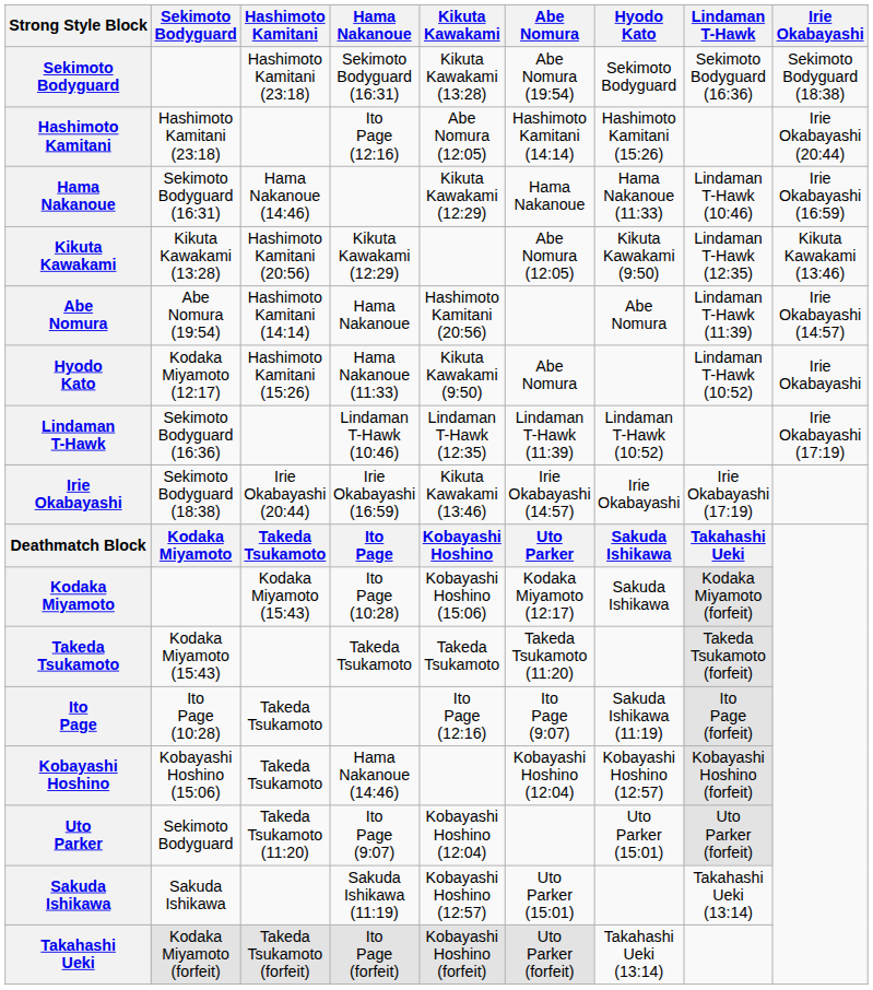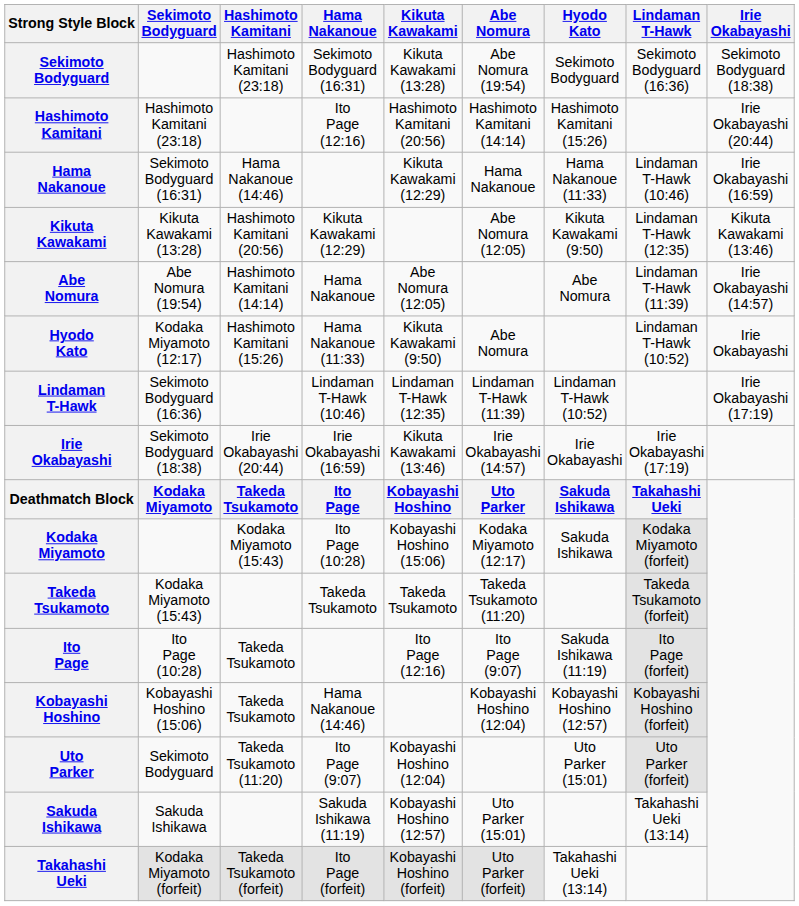 <table class="wikitable" style="margin: 1em auto 1em auto;text-align:center">
 <tr>
 <th>Strong Style Block</th>
 <th><a href='#'>Sekimoto</a><br><a href='#'>Bodyguard</a></th>
 <th><a href='#'>Hashimoto</a><br><a href='#'>Kamitani</a></th>
 <th><a href='#'>Hama</a><br><a href='#'>Nakanoue</a></th>
 <th><a href='#'>Kikuta</a> <br><a href='#'>Kawakami</a></th>
 <th><a href='#'>Abe</a><br><a href='#'>Nomura</a></th>
 <th><a href='#'>Hyodo</a><br><a href='#'>Kato</a></th>
 <th><a href='#'>Lindaman</a><br><a href='#'>T-Hawk</a></th>
 <th><a href='#'>Irie</a><br><a href='#'>Okabayashi</a></th>
 </tr>
 <tr>
 <th><a href='#'>Sekimoto</a><br><a href='#'>Bodyguard</a></th>
 <td></td>
 <td>Hashimoto<br>Kamitani<br>(23:18)</td>
 <td>Sekimoto<br>Bodyguard<br>(16:31)</td>
 <td>Kikuta<br>Kawakami<br>(13:28)</td>
 <td>Abe<br>Nomura<br>(19:54)</td>
 <td>Sekimoto<br>Bodyguard</td>
 <td>Sekimoto<br>Bodyguard<br>(16:36)</td>
 <td>Sekimoto<br>Bodyguard<br>(18:38)</td>
 </tr>
 <tr>
 <th><a href='#'>Hashimoto</a><br><a href='#'>Kamitani</a></th>
 <td>Hashimoto<br>Kamitani<br>(23:18)</td>
 <td></td>
 <td>Ito<br>Page<br>(12:16)</td>
-<td>Abe<br>Nomura<br>(12:05)</td>
+<td>Hashimoto<br>Kamitani<br>(20:56)</td>
 <td>Hashimoto<br>Kamitani<br>(14:14)</td>
 <td>Hashimoto<br>Kamitani<br>(15:26)</td>
 <td></td>
 <td>Irie<br>Okabayashi<br>(20:44)</td>
 </tr>
 <tr>
 <th><a href='#'>Hama</a><br><a href='#'>Nakanoue</a></th>
 <td>Sekimoto<br>Bodyguard<br>(16:31)</td>
 <td>Hama<br>Nakanoue<br>(14:46)</td>
 <td></td>
 <td>Kikuta<br>Kawakami<br>(12:29)</td>
 <td>Hama<br>Nakanoue</td>
 <td>Hama<br>Nakanoue<br>(11:33)</td>
 <td>Lindaman<br>T-Hawk<br>(10:46)</td>
 <td>Irie<br>Okabayashi<br>(16:59)</td>
 </tr>
 <tr>
 <th><a href='#'>Kikuta</a><br><a href='#'>Kawakami</a></th>
 <td>Kikuta<br>Kawakami<br>(13:28)</td>
 <td>Hashimoto<br>Kamitani<br>(20:56)</td>
 <td>Kikuta<br>Kawakami<br>(12:29)</td>
 <td></td>
 <td>Abe<br>Nomura<br>(12:05)</td>
 <td>Kikuta<br>Kawakami<br>(9:50)</td>
 <td>Lindaman<br>T-Hawk<br>(12:35)</td>
 <td>Kikuta<br>Kawakami<br>(13:46)</td>
 </tr>
 <tr>
 <th><a href='#'>Abe</a><br><a href='#'>Nomura</a></th>
 <td>Abe<br>Nomura<br>(19:54)</td>
 <td>Hashimoto<br>Kamitani<br>(14:14)</td>
 <td>Hama<br>Nakanoue</td>
-<td>Hashimoto<br>Kamitani<br>(20:56)</td>
+<td>Abe<br>Nomura<br>(12:05)</td>
 <td></td>
 <td>Abe<br>Nomura</td>
 <td>Lindaman<br>T-Hawk<br>(11:39)</td>
 <td>Irie<br>Okabayashi<br>(14:57)</td>
 </tr>
 <tr>
 <th><a href='#'>Hyodo</a><br><a href='#'>Kato</a></th>
 <td>Kodaka<br>Miyamoto<br>(12:17)</td>
 <td>Hashimoto<br>Kamitani<br>(15:26)</td>
 <td>Hama<br>Nakanoue<br>(11:33)</td>
 <td>Kikuta<br>Kawakami<br>(9:50)</td>
 <td>Abe<br>Nomura</td>
 <td></td>
 <td>Lindaman<br>T-Hawk<br>(10:52)</td>
 <td>Irie<br>Okabayashi</td>
 </tr>
 <tr>
 <th><a href='#'>Lindaman</a><br><a href='#'>T-Hawk</a></th>
 <td>Sekimoto<br>Bodyguard<br>(16:36)</td>
 <td></td>
 <td>Lindaman<br>T-Hawk<br>(10:46)</td>
 <td>Lindaman<br>T-Hawk<br>(12:35)</td>
 <td>Lindaman<br>T-Hawk<br>(11:39)</td>
 <td>Lindaman<br>T-Hawk<br>(10:52)</td>
 <td></td>
 <td>Irie<br>Okabayashi<br>(17:19)</td>
 </tr>
 <tr>
 <th><a href='#'>Irie</a><br><a href='#'>Okabayashi</a></th>
 <td>Sekimoto<br>Bodyguard<br>(18:38)</td>
 <td>Irie<br>Okabayashi<br>(20:44)</td>
 <td>Irie<br>Okabayashi<br>(16:59)</td>
 <td>Kikuta<br>Kawakami<br>(13:46)</td>
 <td>Irie<br>Okabayashi<br>(14:57)</td>
 <td>Irie<br>Okabayashi</td>
 <td>Irie<br>Okabayashi<br>(17:19)</td>
 <td></td>
 </tr>
 <tr>
 <th>Deathmatch Block</th>
 <th><a href='#'>Kodaka</a><br><a href='#'>Miyamoto</a></th>
 <th><a href='#'>Takeda</a><br><a href='#'>Tsukamoto</a></th>
 <th><a href='#'>Ito</a><br><a href='#'>Page</a></th>
 <th><a href='#'>Kobayashi</a><br> <a href='#'>Hoshino</a></th>
 <th><a href='#'>Uto</a><br><a href='#'>Parker</a></th>
 <th><a href='#'>Sakuda</a><br><a href='#'>Ishikawa</a></th>
 <th><a href='#'>Takahashi</a><br><a href='#'>Ueki</a></th>
 </tr>
 <tr>
 <th><a href='#'>Kodaka</a><br><a href='#'>Miyamoto</a></th>
 <td></td>
 <td>Kodaka<br>Miyamoto<br>(15:43)</td>
 <td>Ito<br>Page<br>(10:28)</td>
 <td>Kobayashi<br>Hoshino<br>(15:06)</td>
 <td>Kodaka<br>Miyamoto<br>(12:17)</td>
 <td>Sakuda<br>Ishikawa</td>
 <td style="background-color:#e3e3e3">Kodaka<br>Miyamoto<br>(forfeit)</td>
 </tr>
 <tr>
 <th><a href='#'>Takeda</a><br><a href='#'>Tsukamoto</a></th>
 <td>Kodaka<br>Miyamoto<br>(15:43)</td>
 <td></td>
 <td>Takeda<br>Tsukamoto</td>
 <td>Takeda<br>Tsukamoto</td>
 <td>Takeda<br>Tsukamoto<br>(11:20)</td>
 <td></td>
 <td style="background-color:#e3e3e3">Takeda<br>Tsukamoto<br>(forfeit)</td>
 </tr>
 <tr>
 <th><a href='#'>Ito</a><br><a href='#'>Page</a></th>
 <td>Ito<br>Page<br>(10:28)</td>
 <td>Takeda<br>Tsukamoto</td>
 <td></td>
 <td>Ito<br>Page<br>(12:16)</td>
 <td>Ito<br>Page<br>(9:07)</td>
 <td>Sakuda<br>Ishikawa<br>(11:19)</td>
 <td style="background-color:#e3e3e3">Ito<br>Page<br>(forfeit)</td>
 </tr>
 <tr>
 <th><a href='#'>Kobayashi</a><br><a href='#'>Hoshino</a></th>
 <td>Kobayashi<br>Hoshino<br>(15:06)</td>
 <td>Takeda<br>Tsukamoto</td>
 <td>Hama<br>Nakanoue<br>(14:46)</td>
 <td></td>
 <td>Kobayashi<br>Hoshino<br>(12:04)</td>
 <td>Kobayashi<br>Hoshino<br>(12:57)</td>
 <td style="background-color:#e3e3e3">Kobayashi<br>Hoshino<br>(forfeit)</td>
 </tr>
 <tr>
 <th><a href='#'>Uto</a><br><a href='#'>Parker</a></th>
 <td>Sekimoto<br>Bodyguard</td>
 <td>Takeda<br>Tsukamoto<br>(11:20)</td>
 <td>Ito<br>Page<br>(9:07)</td>
 <td>Kobayashi<br>Hoshino<br>(12:04)</td>
 <td></td>
 <td>Uto<br>Parker<br>(15:01)</td>
 <td style="background-color:#e3e3e3">Uto<br>Parker<br>(forfeit)</td>
 </tr>
 <tr>
 <th><a href='#'>Sakuda</a><br><a href='#'>Ishikawa</a></th>
 <td>Sakuda<br>Ishikawa</td>
 <td></td>
 <td>Sakuda<br>Ishikawa<br>(11:19)</td>
 <td>Kobayashi<br>Hoshino<br>(12:57)</td>
 <td>Uto<br>Parker<br>(15:01)</td>
 <td></td>
 <td>Takahashi<br>Ueki<br>(13:14)</td>
 </tr>
 <tr>
 <th><a href='#'>Takahashi</a><br><a href='#'>Ueki</a></th>
 <td style="background-color:#e3e3e3">Kodaka<br>Miyamoto<br>(forfeit)</td>
 <td style="background-color:#e3e3e3">Takeda<br>Tsukamoto<br>(forfeit)</td>
 <td style="background-color:#e3e3e3">Ito<br>Page<br>(forfeit)</td>
 <td style="background-color:#e3e3e3">Kobayashi<br>Hoshino<br>(forfeit)</td>
 <td style="background-color:#e3e3e3">Uto<br>Parker<br>(forfeit)</td>
 <td>Takahashi<br>Ueki<br>(13:14)</td>
 <td></td>
 </tr>
 </table>
